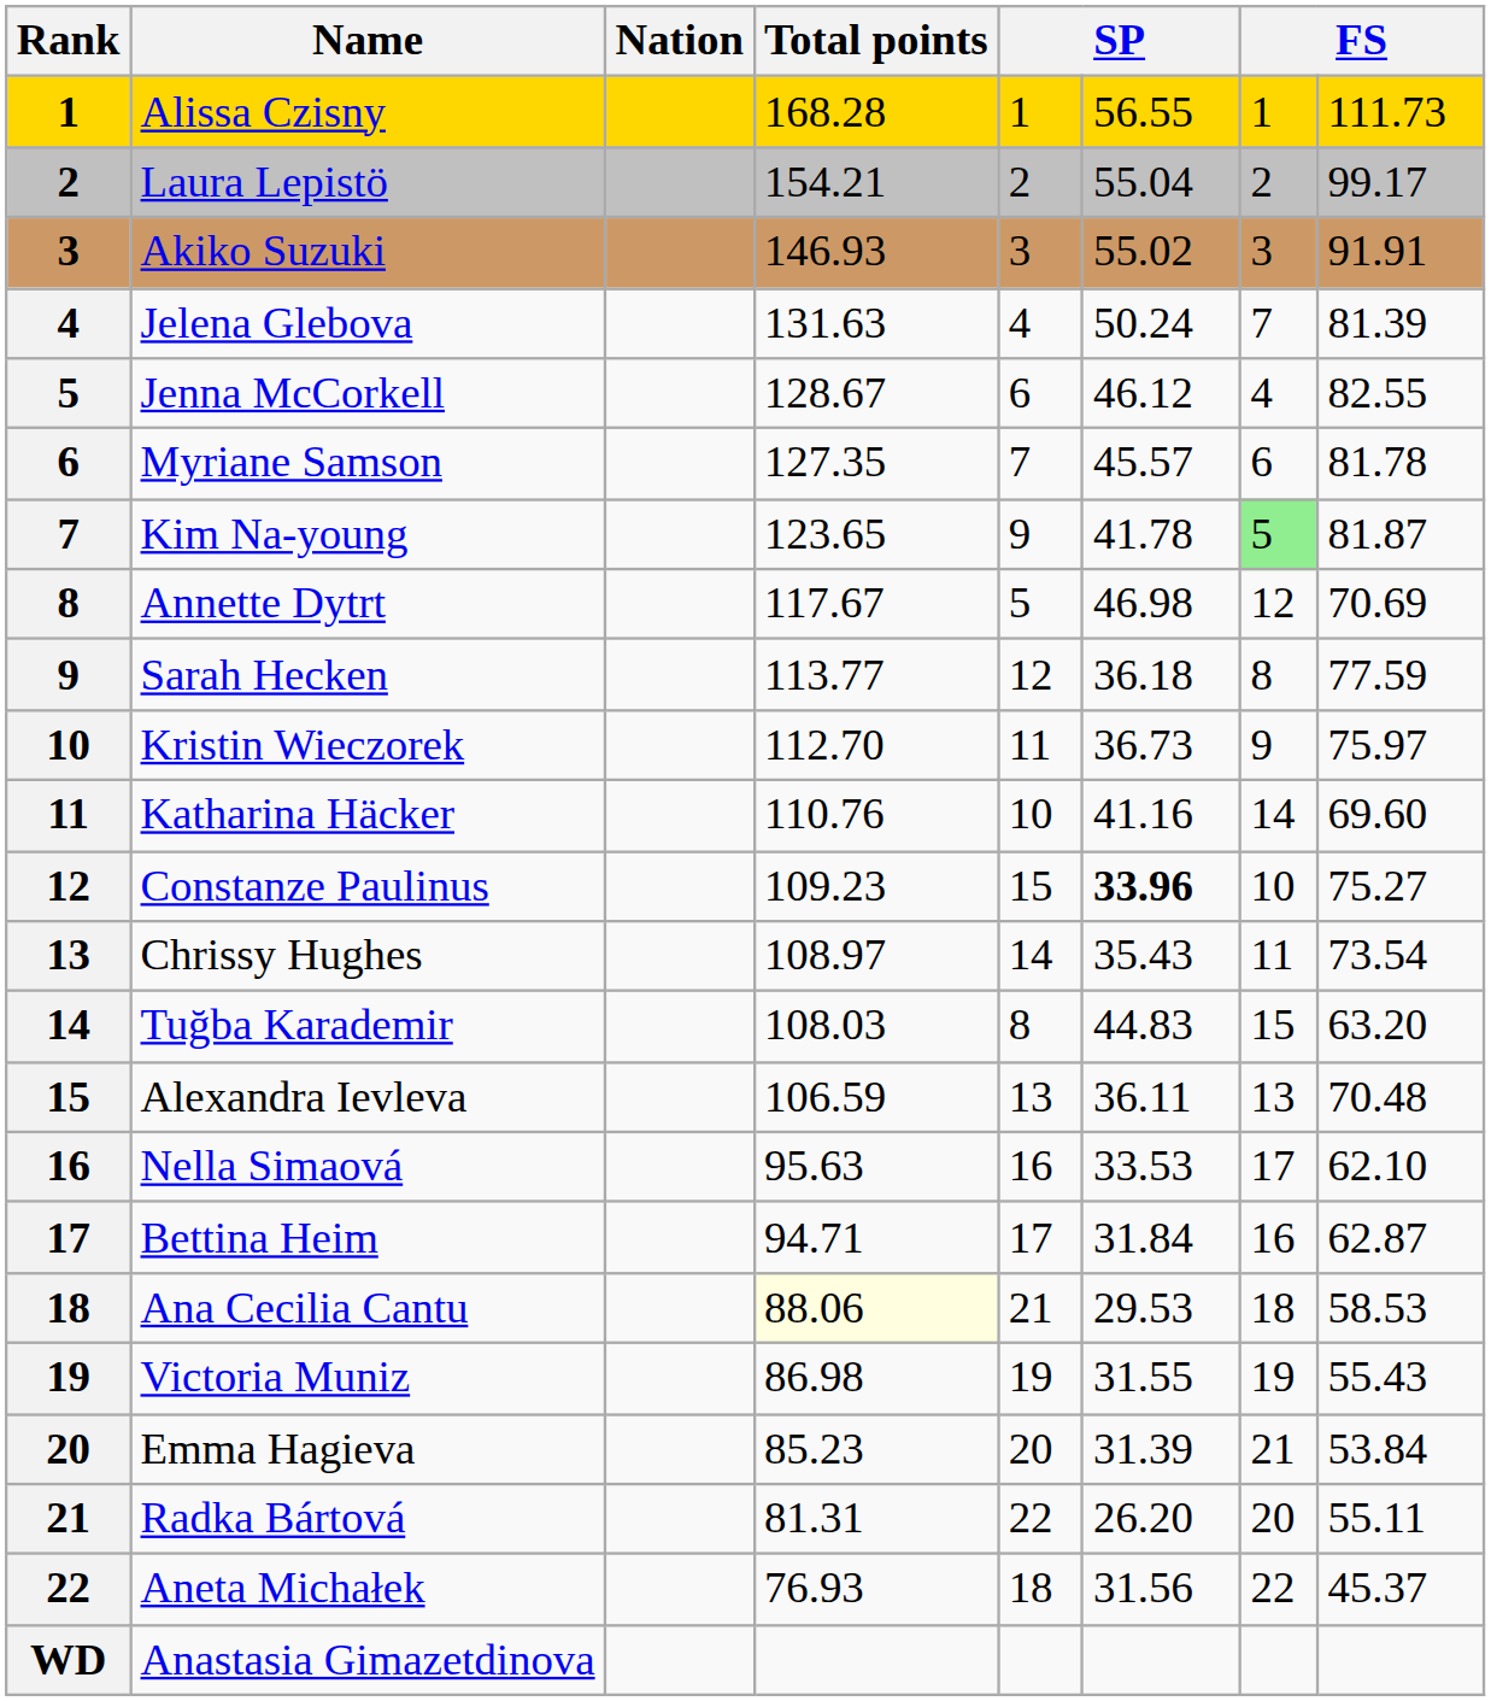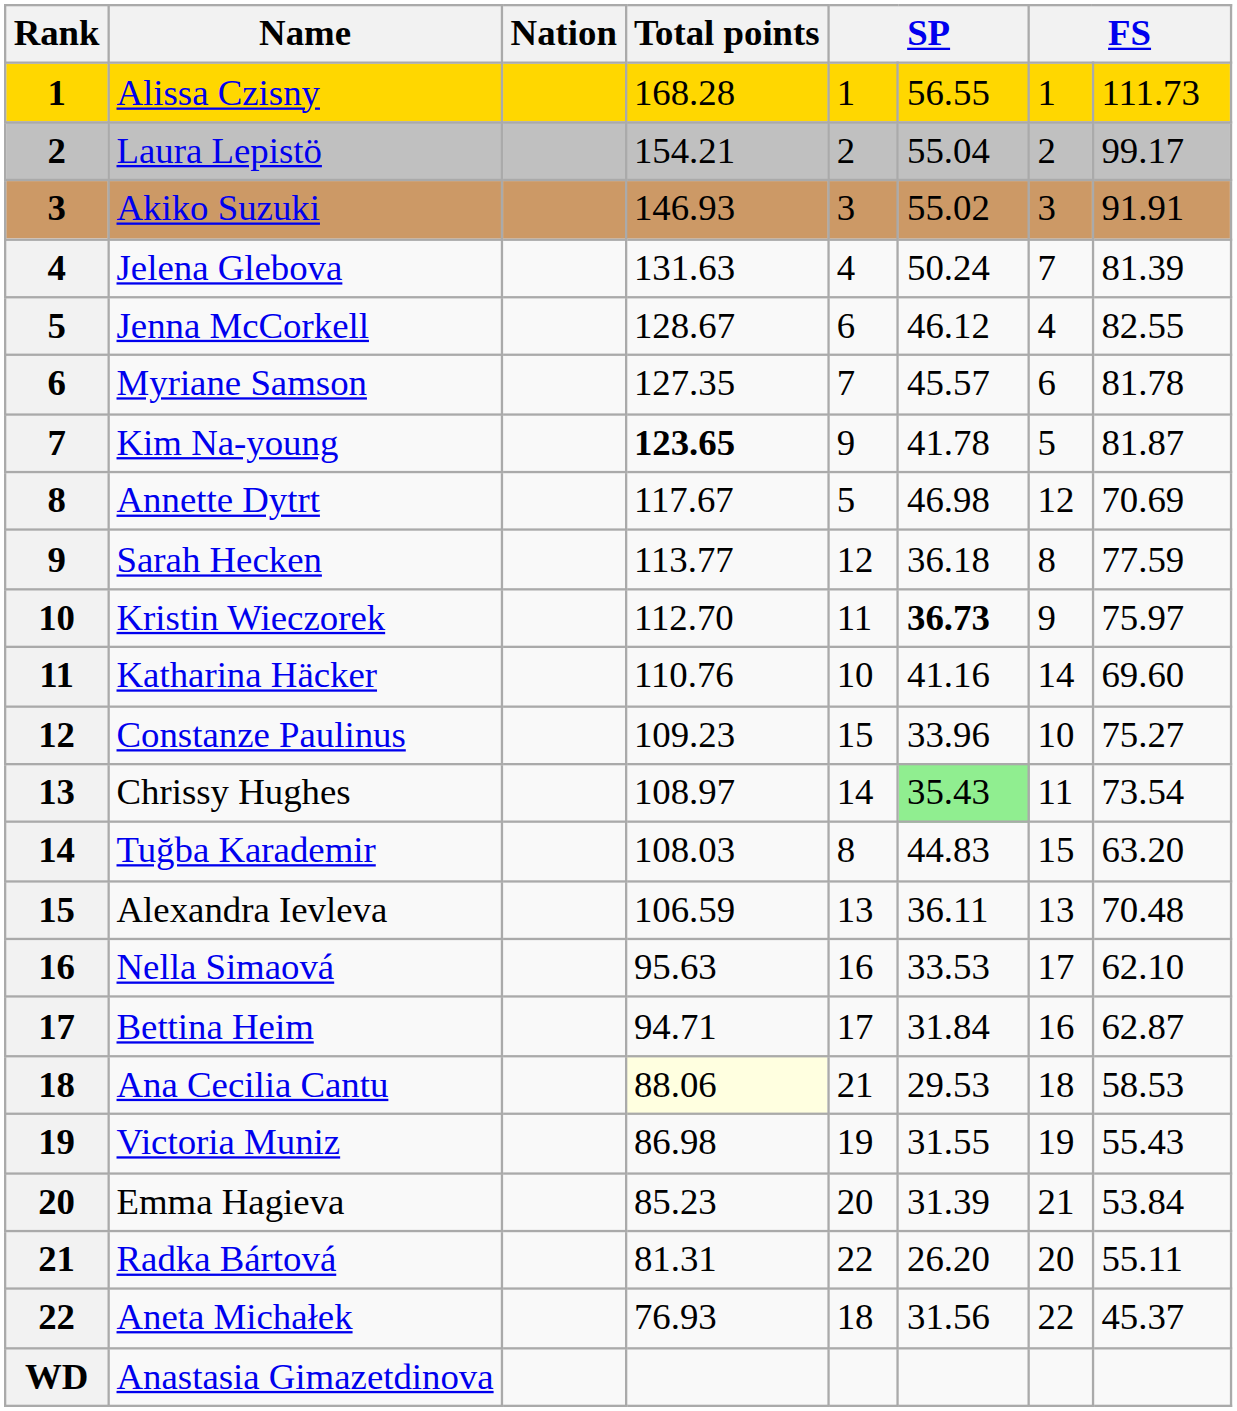 <table class="wikitable">
 <tr>
 <th>Rank</th>
 <th>Name</th>
 <th>Nation</th>
 <th>Total points</th>
 <th colspan="2" width="80px"><a href='#'>SP</a></th>
 <th colspan="2" width="80px"><a href='#'>FS</a></th>
 </tr>
 <tr bgcolor="gold">
 <td align="center"><strong>1</strong></td>
 <td><a href='#'>Alissa Czisny</a></td>
 <td></td>
 <td>168.28</td>
 <td>1</td>
 <td>56.55</td>
 <td>1</td>
 <td>111.73</td>
 </tr>
 <tr bgcolor="silver">
 <td align="center"><strong>2</strong></td>
 <td><a href='#'>Laura Lepistö</a></td>
 <td></td>
 <td>154.21</td>
 <td>2</td>
 <td>55.04</td>
 <td>2</td>
 <td>99.17</td>
 </tr>
 <tr bgcolor="cc9966">
 <td align="center"><strong>3</strong></td>
 <td><a href='#'>Akiko Suzuki</a></td>
 <td></td>
 <td>146.93</td>
 <td>3</td>
 <td>55.02</td>
 <td>3</td>
 <td>91.91</td>
 </tr>
 <tr>
 <th>4</th>
 <td><a href='#'>Jelena Glebova</a></td>
 <td></td>
 <td>131.63</td>
 <td>4</td>
 <td>50.24</td>
 <td>7</td>
 <td>81.39</td>
 </tr>
 <tr>
 <th>5</th>
 <td><a href='#'>Jenna McCorkell</a></td>
 <td></td>
 <td>128.67</td>
 <td>6</td>
 <td>46.12</td>
 <td>4</td>
 <td>82.55</td>
 </tr>
 <tr>
 <th>6</th>
 <td><a href='#'>Myriane Samson</a></td>
 <td></td>
 <td>127.35</td>
 <td>7</td>
 <td>45.57</td>
 <td>6</td>
 <td>81.78</td>
 </tr>
 <tr>
 <th>7</th>
 <td><a href='#'>Kim Na-young</a></td>
 <td></td>
-<td>123.65</td>
+<td><strong>123.65</strong></td>
 <td>9</td>
 <td>41.78</td>
-<td style="background: lightgreen;">5</td>
+<td>5</td>
 <td>81.87</td>
 </tr>
 <tr>
 <th>8</th>
 <td><a href='#'>Annette Dytrt</a></td>
 <td></td>
 <td>117.67</td>
 <td>5</td>
 <td>46.98</td>
 <td>12</td>
 <td>70.69</td>
 </tr>
 <tr>
 <th>9</th>
 <td><a href='#'>Sarah Hecken</a></td>
 <td></td>
 <td>113.77</td>
 <td>12</td>
 <td>36.18</td>
 <td>8</td>
 <td>77.59</td>
 </tr>
 <tr>
 <th>10</th>
 <td><a href='#'>Kristin Wieczorek</a></td>
 <td></td>
 <td>112.70</td>
 <td>11</td>
-<td>36.73</td>
+<td><strong>36.73</strong></td>
 <td>9</td>
 <td>75.97</td>
 </tr>
 <tr>
 <th>11</th>
 <td><a href='#'>Katharina Häcker</a></td>
 <td></td>
 <td>110.76</td>
 <td>10</td>
 <td>41.16</td>
 <td>14</td>
 <td>69.60</td>
 </tr>
 <tr>
 <th>12</th>
 <td><a href='#'>Constanze Paulinus</a></td>
 <td></td>
 <td>109.23</td>
 <td>15</td>
-<td><strong>33.96</strong></td>
+<td>33.96</td>
 <td>10</td>
 <td>75.27</td>
 </tr>
 <tr>
 <th>13</th>
 <td>Chrissy Hughes</td>
 <td></td>
 <td>108.97</td>
 <td>14</td>
-<td>35.43</td>
+<td style="background: lightgreen;">35.43</td>
 <td>11</td>
 <td>73.54</td>
 </tr>
 <tr>
 <th>14</th>
 <td><a href='#'>Tuğba Karademir</a></td>
 <td></td>
 <td>108.03</td>
 <td>8</td>
 <td>44.83</td>
 <td>15</td>
 <td>63.20</td>
 </tr>
 <tr>
 <th>15</th>
 <td>Alexandra Ievleva</td>
 <td></td>
 <td>106.59</td>
 <td>13</td>
 <td>36.11</td>
 <td>13</td>
 <td>70.48</td>
 </tr>
 <tr>
 <th>16</th>
 <td><a href='#'>Nella Simaová</a></td>
 <td></td>
 <td>95.63</td>
 <td>16</td>
 <td>33.53</td>
 <td>17</td>
 <td>62.10</td>
 </tr>
 <tr>
 <th>17</th>
 <td><a href='#'>Bettina Heim</a></td>
 <td></td>
 <td>94.71</td>
 <td>17</td>
 <td>31.84</td>
 <td>16</td>
 <td>62.87</td>
 </tr>
 <tr>
 <th>18</th>
 <td><a href='#'>Ana Cecilia Cantu</a></td>
 <td></td>
 <td style="background: lightyellow;">88.06</td>
 <td>21</td>
 <td>29.53</td>
 <td>18</td>
 <td>58.53</td>
 </tr>
 <tr>
 <th>19</th>
 <td><a href='#'>Victoria Muniz</a></td>
 <td></td>
 <td>86.98</td>
 <td>19</td>
 <td>31.55</td>
 <td>19</td>
 <td>55.43</td>
 </tr>
 <tr>
 <th>20</th>
 <td>Emma Hagieva</td>
 <td></td>
 <td>85.23</td>
 <td>20</td>
 <td>31.39</td>
 <td>21</td>
 <td>53.84</td>
 </tr>
 <tr>
 <th>21</th>
 <td><a href='#'>Radka Bártová</a></td>
 <td></td>
 <td>81.31</td>
 <td>22</td>
 <td>26.20</td>
 <td>20</td>
 <td>55.11</td>
 </tr>
 <tr>
 <th>22</th>
 <td><a href='#'>Aneta Michałek</a></td>
 <td></td>
 <td>76.93</td>
 <td>18</td>
 <td>31.56</td>
 <td>22</td>
 <td>45.37</td>
 </tr>
 <tr>
 <th>WD</th>
 <td><a href='#'>Anastasia Gimazetdinova</a></td>
 <td></td>
 <td></td>
 <td></td>
 <td></td>
 <td></td>
 <td></td>
 </tr>
 </table>
